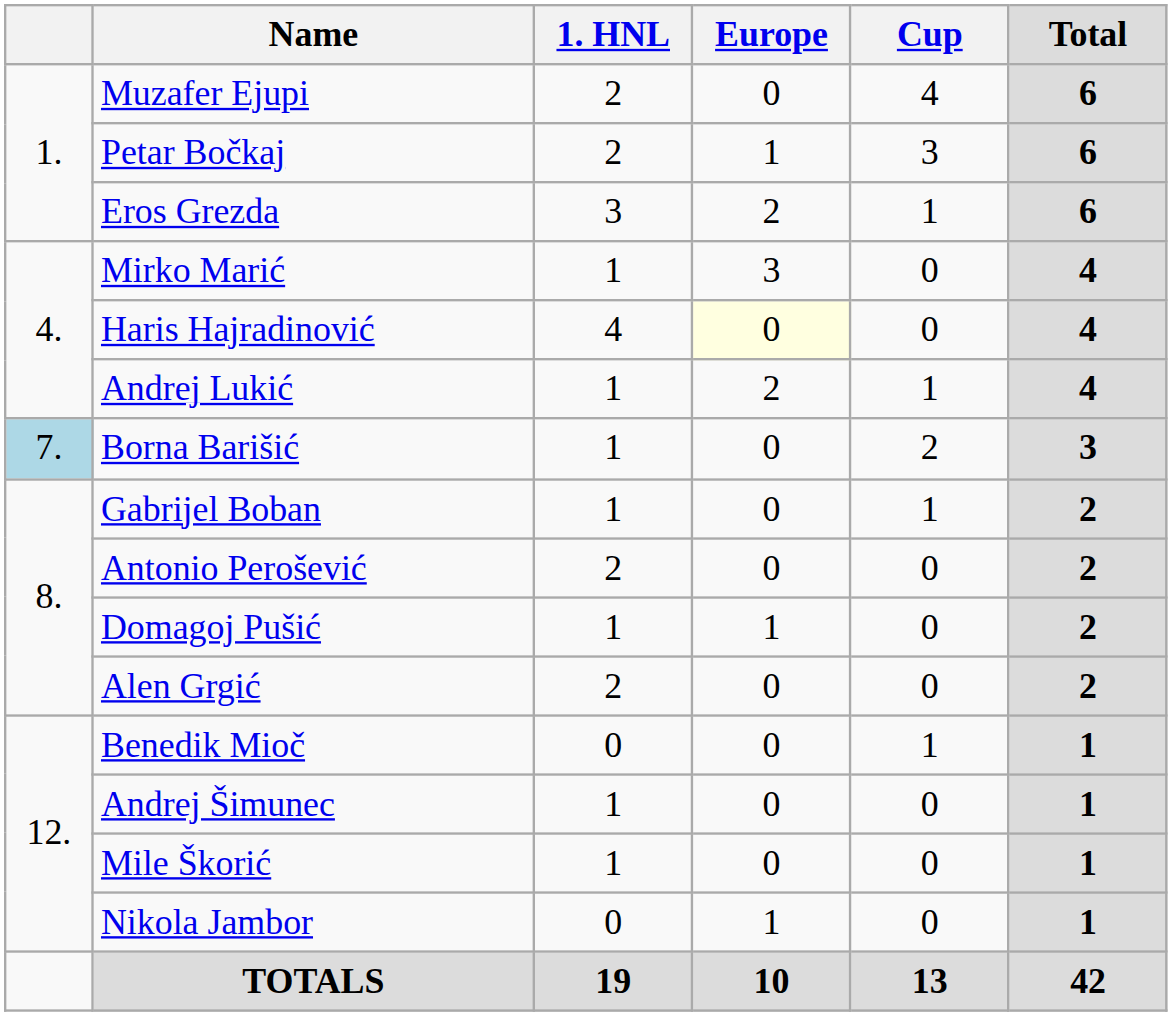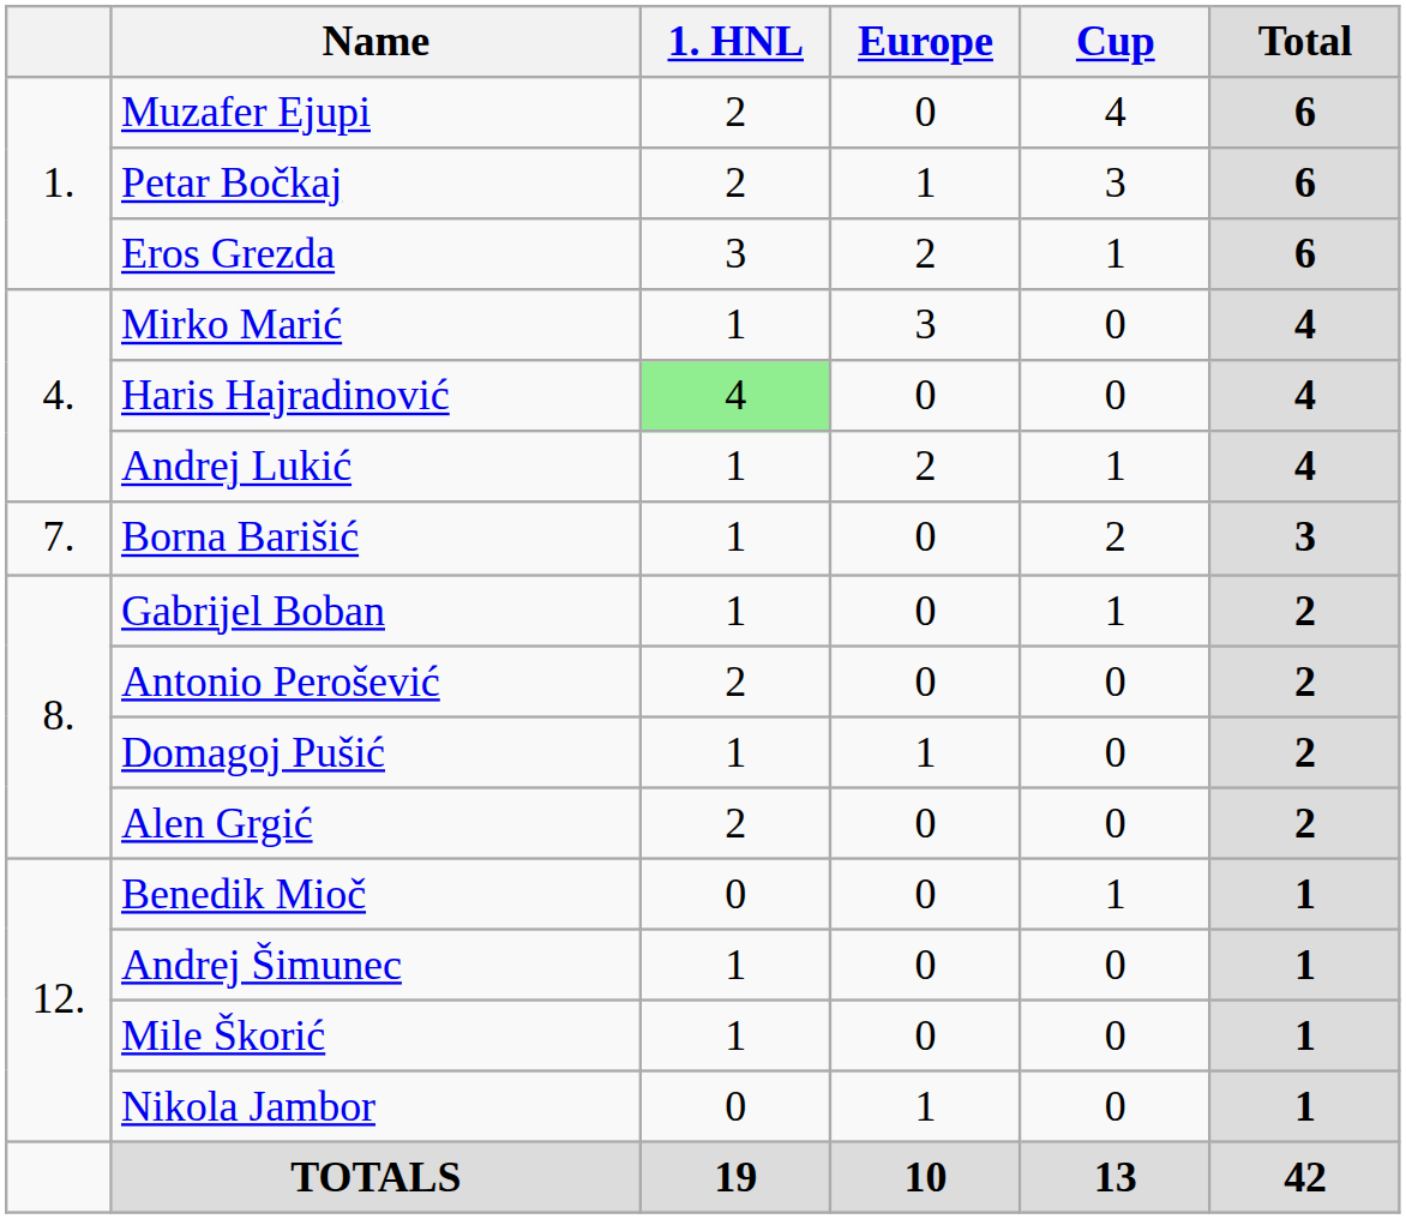 <table class="wikitable" style="font-size: 95%; text-align: center">
 <tr>
 <th width=30></th>
 <th width=180>Name</th>
 <th width=60><a href='#'>1. HNL</a></th>
 <th width=60><a href='#'>Europe</a></th>
 <th width=60><a href='#'>Cup</a></th>
 <th width=60 style="background: #DCDCDC">Total</th>
 </tr>
 <tr>
 <td rowspan=3>1.</td>
 <td style="text-align:left;"> <a href='#'>Muzafer Ejupi</a></td>
 <td>2</td>
 <td>0</td>
 <td>4</td>
 <th style="background: #DCDCDC"><strong>6</strong></th>
 </tr>
 <tr>
 <td style="text-align:left;"> <a href='#'>Petar Bočkaj</a></td>
 <td>2</td>
 <td>1</td>
 <td>3</td>
 <th style="background: #DCDCDC"><strong>6</strong></th>
 </tr>
 <tr>
 <td style="text-align:left;"> <a href='#'>Eros Grezda</a></td>
 <td>3</td>
 <td>2</td>
 <td>1</td>
 <th style="background: #DCDCDC"><strong>6</strong></th>
 </tr>
 <tr>
 <td rowspan=3>4.</td>
 <td style="text-align:left;"> <a href='#'>Mirko Marić</a></td>
 <td>1</td>
 <td>3</td>
 <td>0</td>
 <th style="background: #DCDCDC"><strong>4</strong></th>
 </tr>
 <tr>
 <td style="text-align:left;"> <a href='#'>Haris Hajradinović</a></td>
-<td>4</td>
-<td style="background: lightyellow;">0</td>
+<td style="background: lightgreen;">4</td>
+<td>0</td>
 <td>0</td>
 <th style="background: #DCDCDC"><strong>4</strong></th>
 </tr>
 <tr>
 <td style="text-align:left;"> <a href='#'>Andrej Lukić</a></td>
 <td>1</td>
 <td>2</td>
 <td>1</td>
 <th style="background: #DCDCDC"><strong>4</strong></th>
 </tr>
 <tr>
-<td rowspan=1 style="background: lightblue;">7.</td>
+<td rowspan=1>7.</td>
 <td style="text-align:left;"> <a href='#'>Borna Barišić</a></td>
 <td>1</td>
 <td>0</td>
 <td>2</td>
 <th style="background: #DCDCDC"><strong>3</strong></th>
 </tr>
 <tr>
 <td rowspan=4>8.</td>
 <td style="text-align:left;"> <a href='#'>Gabrijel Boban</a></td>
 <td>1</td>
 <td>0</td>
 <td>1</td>
 <th style="background: #DCDCDC"><strong>2</strong></th>
 </tr>
 <tr>
 <td style="text-align:left;"> <a href='#'>Antonio Perošević</a></td>
 <td>2</td>
 <td>0</td>
 <td>0</td>
 <th style="background: #DCDCDC"><strong>2</strong></th>
 </tr>
 <tr>
 <td style="text-align:left;"> <a href='#'>Domagoj Pušić</a></td>
 <td>1</td>
 <td>1</td>
 <td>0</td>
 <th style="background: #DCDCDC"><strong>2</strong></th>
 </tr>
 <tr>
 <td style="text-align:left;"> <a href='#'>Alen Grgić</a></td>
 <td>2</td>
 <td>0</td>
 <td>0</td>
 <th style="background: #DCDCDC"><strong>2</strong></th>
 </tr>
 <tr>
 <td rowspan=4>12.</td>
 <td style="text-align:left;"> <a href='#'>Benedik Mioč</a></td>
 <td>0</td>
 <td>0</td>
 <td>1</td>
 <th style="background: #DCDCDC"><strong>1</strong></th>
 </tr>
 <tr>
 <td style="text-align:left;"> <a href='#'>Andrej Šimunec</a></td>
 <td>1</td>
 <td>0</td>
 <td>0</td>
 <th style="background: #DCDCDC"><strong>1</strong></th>
 </tr>
 <tr>
 <td style="text-align:left;"> <a href='#'>Mile Škorić</a></td>
 <td>1</td>
 <td>0</td>
 <td>0</td>
 <th style="background: #DCDCDC"><strong>1</strong></th>
 </tr>
 <tr>
 <td style="text-align:left;"> <a href='#'>Nikola Jambor</a></td>
 <td>0</td>
 <td>1</td>
 <td>0</td>
 <th style="background: #DCDCDC"><strong>1</strong></th>
 </tr>
 <tr>
 <td></td>
 <th style="background: #DCDCDC"><strong>TOTALS</strong></th>
 <th style="background: #DCDCDC"><strong>19</strong></th>
 <th style="background: #DCDCDC"><strong>10</strong></th>
 <th style="background: #DCDCDC"><strong>13</strong></th>
 <th style="background: #DCDCDC"><strong>42</strong></th>
 </tr>
 </table>
